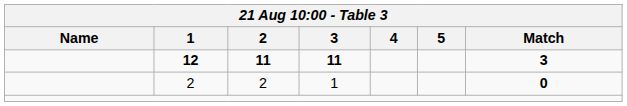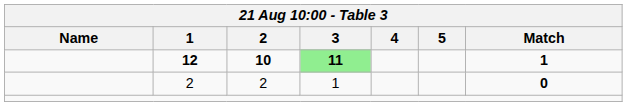 <table class=wikitable style="text-align:center; width: 55%">
 <tr>
 <th colspan=17><em>21 Aug 10:00 - Table 3</em></th>
 </tr>
 <tr>
 <th>Name</th>
 <th>1</th>
 <th>2</th>
 <th>3</th>
 <th>4</th>
 <th>5</th>
 <th>Match</th>
 </tr>
 <tr>
 <td style="text-align:left;"><strong></strong></td>
 <td><strong>12</strong></td>
-<td><strong>11</strong></td>
-<td><strong>11</strong></td>
+<td><strong>10</strong></td>
+<td style="background: lightgreen;"><strong>11</strong></td>
 <td></td>
 <td></td>
-<td><strong>3</strong></td>
+<td><strong>1</strong></td>
 </tr>
 <tr>
 <td style="text-align:left;"></td>
 <td>2</td>
 <td>2</td>
 <td>1</td>
 <td></td>
 <td></td>
 <td><strong>0</strong></td>
 </tr>
 <tr>
 <td colspan=17></td>
 </tr>
 </table>
